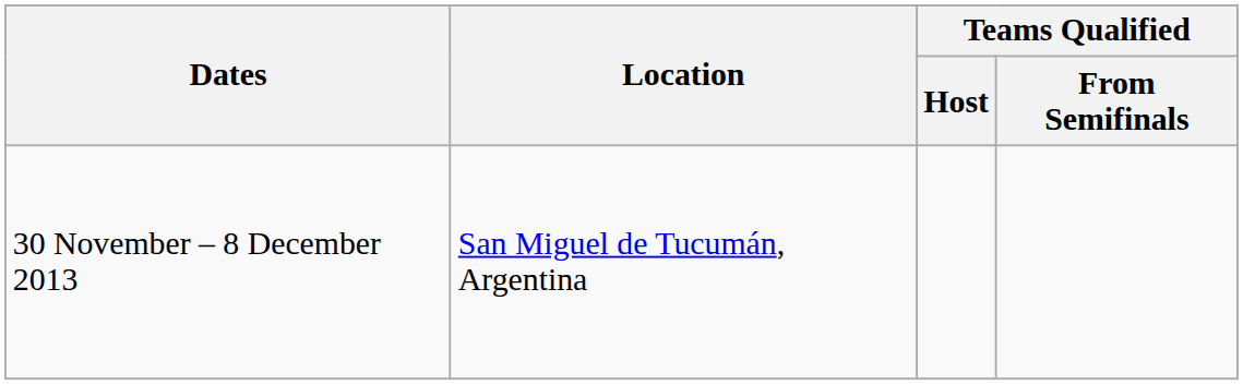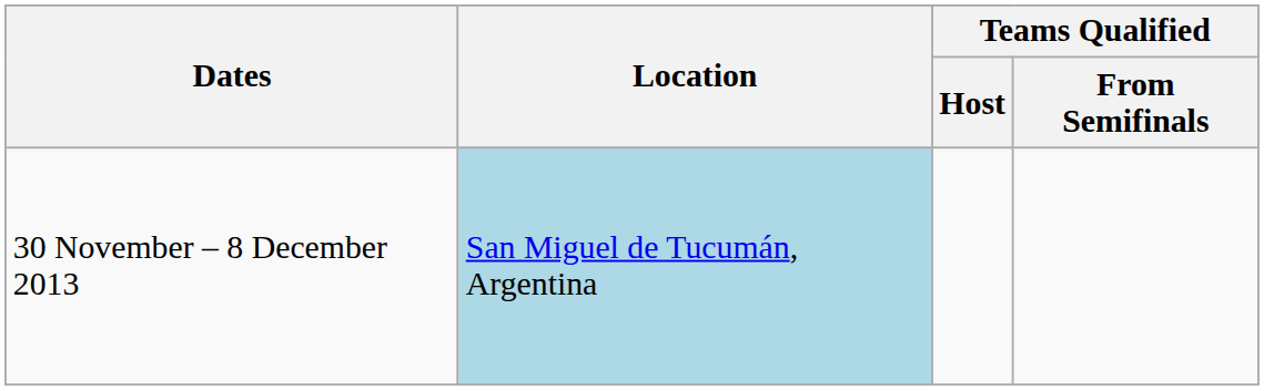 <table class=wikitable>
 <tr>
 <th rowspan=2>Dates</th>
 <th rowspan=2>Location</th>
 <th colspan=2>Teams Qualified</th>
 </tr>
 <tr>
 <th>Host</th>
 <th>From Semifinals</th>
 </tr>
 <tr>
 <td>30 November – 8 December 2013</td>
-<td><a href='#'>San Miguel de Tucumán</a>, Argentina</td>
+<td style="background: lightblue;"><a href='#'>San Miguel de Tucumán</a>, Argentina</td>
 <td></td>
 <td><br><br><br><br><br><br></td>
 </tr>
 </table>
